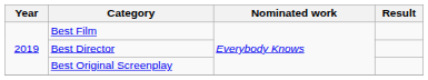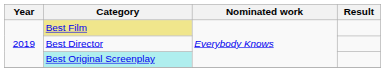 <table class=wikitable>
 <tr>
 <th scope="col" style="width:5em;">Year</th>
 <th scope="col" style="width:26em;">Category</th>
 <th scope="col" style="width:25em;">Nominated work</th>
 <th scope="col" style="width:5em;">Result</th>
 </tr>
 <tr>
 <td rowspan="3", style="text-align:center;"><a href='#'>2019</a></td>
-<td><a href='#'>Best Film</a></td>
+<td style="background: khaki;"><a href='#'>Best Film</a></td>
 <td rowspan="3"><em><a href='#'>Everybody Knows</a></em></td>
 <td></td>
 </tr>
 <tr>
 <td><a href='#'>Best Director</a></td>
 <td></td>
 </tr>
 <tr>
-<td><a href='#'>Best Original Screenplay</a></td>
+<td style="background: paleturquoise;"><a href='#'>Best Original Screenplay</a></td>
 <td></td>
 </tr>
 <tr>
 </tr>
 </table>
